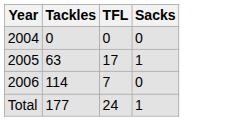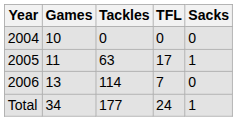 <table class="wikitable">
 <tr>
 <th>Year</th>
+<th>Games</th>
 <th>Tackles</th>
 <th>TFL</th>
 <th>Sacks</th>
 </tr>
 <tr style="background: #e3e3e3;">
 <td>2004</td>
+<td>10</td>
 <td>0</td>
 <td>0</td>
 <td>0</td>
 </tr>
 <tr style="background: #e3e3e3;">
 <td>2005</td>
+<td>11</td>
 <td>63</td>
 <td>17</td>
 <td>1</td>
 </tr>
 <tr style="background: #e3e3e3;">
 <td>2006</td>
+<td>13</td>
 <td>114</td>
 <td>7</td>
 <td>0</td>
 </tr>
 <tr style="background: #e3e3e3;">
 <td>Total</td>
+<td>34</td>
 <td>177</td>
 <td>24</td>
 <td>1</td>
 </tr>
 </table>
